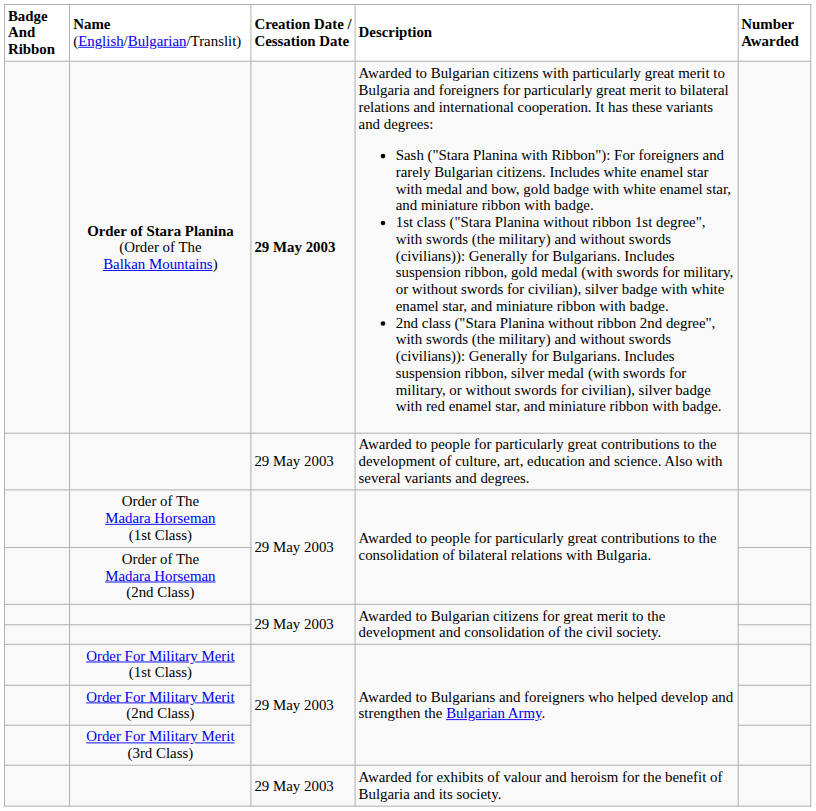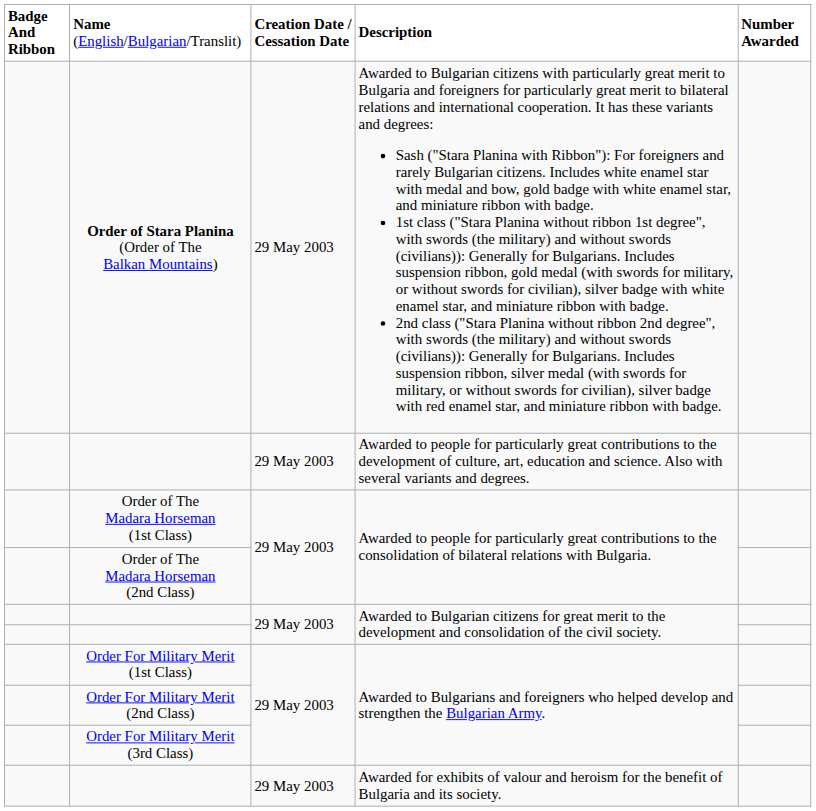 <table class="wikitable">
 <tr bgcolor="#FFFFFF">
 <td><strong>Badge And Ribbon</strong></td>
 <td><strong>Name</strong> (<a href='#'>English</a>/<a href='#'>Bulgarian</a>/Translit)</td>
 <td><strong>Creation Date /<br>Cessation Date</strong></td>
 <td><strong>Description</strong></td>
 <td><strong>Number Awarded</strong></td>
 </tr>
 <tr>
 <td><br></td>
 <td align="center"><strong>Order of Stara Planina</strong> <br>(Order of The<br><a href='#'>Balkan Mountains</a>)</td>
-<td><strong>29 May 2003</strong></td>
+<td>29 May 2003</td>
 <td>Awarded to Bulgarian citizens with particularly great merit to Bulgaria and foreigners for particularly great merit to bilateral relations and international cooperation. It has these variants and degrees:<br><ul><li>Sash ("Stara Planina with Ribbon"): For foreigners and rarely Bulgarian citizens. Includes white enamel star with medal and bow, gold badge with white enamel star, and miniature ribbon with badge.</li><li>1st class ("Stara Planina without ribbon 1st degree", with swords (the military) and without swords (civilians)): Generally for Bulgarians. Includes suspension ribbon, gold medal (with swords for military, or without swords for civilian), silver badge with white enamel star, and miniature ribbon with badge.</li><li>2nd class ("Stara Planina without ribbon 2nd degree", with swords (the military) and without swords (civilians)): Generally for Bulgarians. Includes suspension ribbon, silver medal (with swords for military, or without swords for civilian), silver badge with red enamel star, and miniature ribbon with badge.</li></ul></td>
 <td></td>
 </tr>
 <tr>
 <td></td>
 <td></td>
 <td>29 May 2003</td>
 <td>Awarded to people for particularly great contributions to the development of culture, art, education and science. Also with several variants and degrees.</td>
 <td></td>
 </tr>
 <tr>
 <td></td>
 <td style="text-align:center;">Order of The<br><a href='#'>Madara Horseman</a><br>(1st Class)</td>
 <td rowspan=2>29 May 2003</td>
 <td rowspan=2>Awarded to people for particularly great contributions to the consolidation of bilateral relations with Bulgaria.</td>
 <td></td>
 </tr>
 <tr>
 <td></td>
 <td style="text-align:center;">Order of The<br><a href='#'>Madara Horseman</a><br>(2nd Class)</td>
 <td></td>
 </tr>
 <tr>
 <td></td>
 <td></td>
 <td rowspan=2>29 May 2003</td>
 <td rowspan=2>Awarded to Bulgarian citizens for great merit to the development and consolidation of the civil society.</td>
 <td></td>
 </tr>
 <tr>
 <td></td>
 <td></td>
 <td></td>
 </tr>
 <tr>
 <td></td>
 <td style="text-align:center;"><a href='#'>Order For Military Merit</a><br>(1st Class)</td>
 <td rowspan=3>29 May 2003</td>
 <td rowspan=3>Awarded to Bulgarians and foreigners who helped develop and strengthen the <a href='#'>Bulgarian Army</a>.</td>
 <td></td>
 </tr>
 <tr>
 <td></td>
 <td style="text-align:center;"><a href='#'>Order For Military Merit</a><br>(2nd Class)</td>
 <td></td>
 </tr>
 <tr>
 <td></td>
 <td style="text-align:center;"><a href='#'>Order For Military Merit</a><br>(3rd Class)</td>
 <td></td>
 </tr>
 <tr>
 <td></td>
 <td></td>
 <td>29 May 2003</td>
 <td>Awarded for exhibits of valour and heroism for the benefit of Bulgaria and its society.</td>
 <td></td>
 </tr>
 </table>
